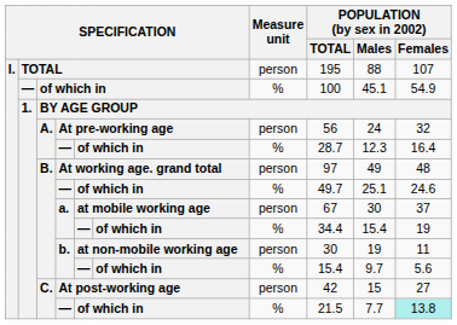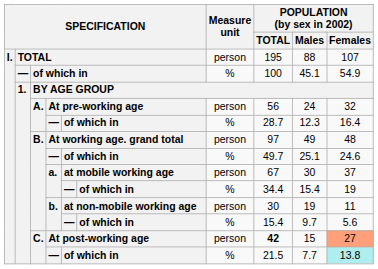 <table class="wikitable" style="font-size:85%; text-align:center">
 <tr>
 <th rowspan="2" colspan="6">SPECIFICATION</th>
 <th rowspan="2">Measure<br> unit</th>
 <th colspan="3" rowspan="1">POPULATION<br> (by sex in 2002)</th>
 </tr>
 <tr>
 <th>TOTAL</th>
 <th>Males</th>
 <th>Females</th>
 </tr>
 <tr>
 <th style="text-align:left" valign="top" rowspan="13">I.</th>
 <th style="text-align:left" colspan="5">TOTAL</th>
 <td>person</td>
 <td>195</td>
 <td>88</td>
 <td>107</td>
 </tr>
 <tr>
 <th style="text-align:left" valign="top">—</th>
 <th style="text-align:left" colspan="4">of which in</th>
 <td>%</td>
 <td>100</td>
 <td>45.1</td>
 <td>54.9</td>
 </tr>
 <tr>
 <th style="text-align:left" valign="top" rowspan="11">1.</th>
 <th style="text-align:left" colspan="19">BY AGE GROUP</th>
 </tr>
 <tr>
 <th style="text-align:left" valign="top" rowspan="2">A.</th>
 <th style="text-align:left" colspan="3">At pre-working age</th>
 <td>person</td>
 <td>56</td>
 <td>24</td>
 <td>32</td>
 </tr>
 <tr>
 <th style="text-align:left" valign="top">—</th>
 <th style="text-align:left" valign="top" colspan="2">of which in</th>
 <td>%</td>
 <td>28.7</td>
 <td>12.3</td>
 <td>16.4</td>
 </tr>
 <tr>
 <th style="text-align:left" valign="top" rowspan="6">B.</th>
 <th style="text-align:left" colspan="3">At working age. grand total</th>
 <td>person</td>
 <td>97</td>
 <td>49</td>
 <td>48</td>
 </tr>
 <tr>
 <th style="text-align:left" valign="top">—</th>
 <th style="text-align:left" valign="top" colspan="2">of which in</th>
 <td>%</td>
 <td>49.7</td>
 <td>25.1</td>
 <td>24.6</td>
 </tr>
 <tr>
 <th style="text-align:left" valign="top" rowspan="2">a.</th>
 <th style="text-align:left" colspan="2">at mobile working age</th>
 <td>person</td>
 <td>67</td>
 <td>30</td>
 <td>37</td>
 </tr>
 <tr>
 <th style="text-align:left" valign="top">—</th>
 <th style="text-align:left" valign="top" colspan="1">of which in                        </th>
 <td>%</td>
 <td>34.4</td>
 <td>15.4</td>
 <td>19</td>
 </tr>
 <tr>
 <th style="text-align:left" valign="top" rowspan="2">b.</th>
 <th style="text-align:left" colspan="2">at non-mobile working age</th>
 <td>person</td>
 <td>30</td>
 <td>19</td>
 <td>11</td>
 </tr>
 <tr>
 <th style="text-align:left" valign="top">—</th>
 <th style="text-align:left" valign="top" colspan="1">of which in                        </th>
 <td>%</td>
 <td>15.4</td>
 <td>9.7</td>
 <td>5.6</td>
 </tr>
 <tr>
 <th style="text-align:left" valign="top" rowspan="2">C.</th>
 <th style="text-align:left" colspan="3">At post-working age</th>
 <td>person</td>
-<td>42</td>
+<td><strong>42</strong></td>
 <td>15</td>
-<td>27</td>
+<td style="background: lightsalmon;">27</td>
 </tr>
 <tr>
 <th style="text-align:left" valign="top">—</th>
 <th style="text-align:left" valign="top" colspan="2">of which in</th>
 <td>%</td>
 <td>21.5</td>
 <td>7.7</td>
 <td style="background: paleturquoise;">13.8</td>
 </tr>
 </table>
